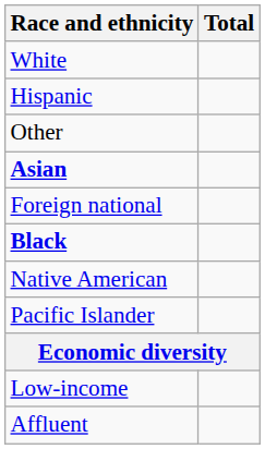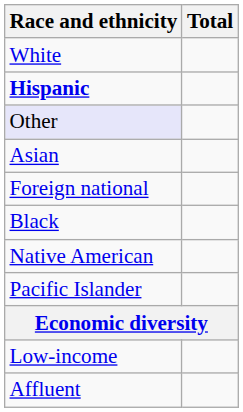 <table class="wikitable floatright sortable collapsible"; text-align:right; font-size:80%;">
 <tr>
 <th>Race and ethnicity</th>
 <th colspan="2" data-sort-type=number>Total</th>
 </tr>
 <tr>
 <td><a href='#'>White</a></td>
 <td align=right></td>
 </tr>
 <tr>
-<td><a href='#'>Hispanic</a></td>
+<td><strong><a href='#'>Hispanic</a></strong></td>
 <td align=right></td>
 </tr>
 <tr>
-<td>Other</td>
+<td style="background: lavender;">Other</td>
 <td align=right></td>
 </tr>
 <tr>
-<td><strong><a href='#'>Asian</a></strong></td>
+<td><a href='#'>Asian</a></td>
 <td align=right></td>
 </tr>
 <tr>
 <td><a href='#'>Foreign national</a></td>
 <td align=right></td>
 </tr>
 <tr>
-<td><strong><a href='#'>Black</a></strong></td>
+<td><a href='#'>Black</a></td>
 <td align=right></td>
 </tr>
 <tr>
 <td><a href='#'>Native American</a></td>
 <td align=right></td>
 </tr>
 <tr>
 <td><a href='#'>Pacific Islander</a></td>
 <td align=right></td>
 </tr>
 <tr>
 <th colspan="4" data-sort-type=number><a href='#'>Economic diversity</a></th>
 </tr>
 <tr>
 <td><a href='#'>Low-income</a></td>
 <td align=right></td>
 </tr>
 <tr>
 <td><a href='#'>Affluent</a></td>
 <td align=right></td>
 </tr>
 </table>
